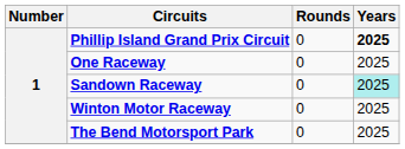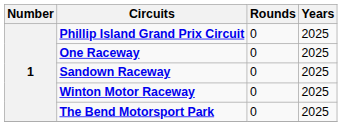 <table class="wikitable" style="text-align=center">
 <tr>
 <th>Number</th>
 <th>Circuits</th>
 <th>Rounds</th>
 <th>Years</th>
 </tr>
 <tr>
 <th rowspan=5>1</th>
 <td> <strong><a href='#'>Phillip Island Grand Prix Circuit</a></strong></td>
 <td>0</td>
-<td><strong>2025</strong></td>
+<td>2025</td>
 </tr>
 <tr>
 <td> <strong><a href='#'>One Raceway</a></strong></td>
 <td>0</td>
 <td>2025</td>
 </tr>
 <tr>
 <td> <strong><a href='#'>Sandown Raceway</a></strong></td>
 <td>0</td>
-<td style="background: paleturquoise;">2025</td>
+<td>2025</td>
 </tr>
 <tr>
 <td> <strong><a href='#'>Winton Motor Raceway</a></strong></td>
 <td>0</td>
 <td>2025</td>
 </tr>
 <tr>
 <td> <strong><a href='#'>The Bend Motorsport Park</a></strong></td>
 <td>0</td>
 <td>2025</td>
 </tr>
 <tr>
 </tr>
 </table>
